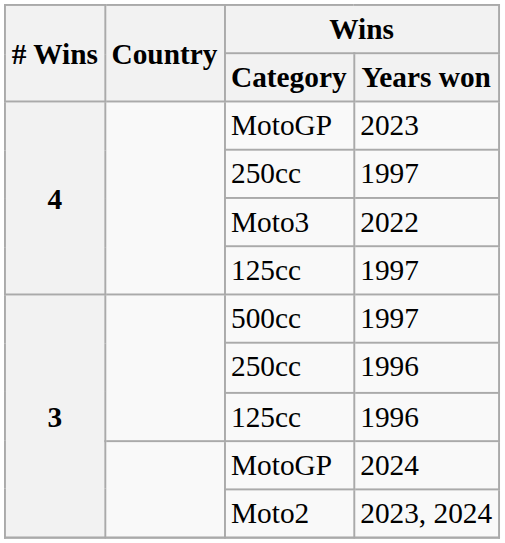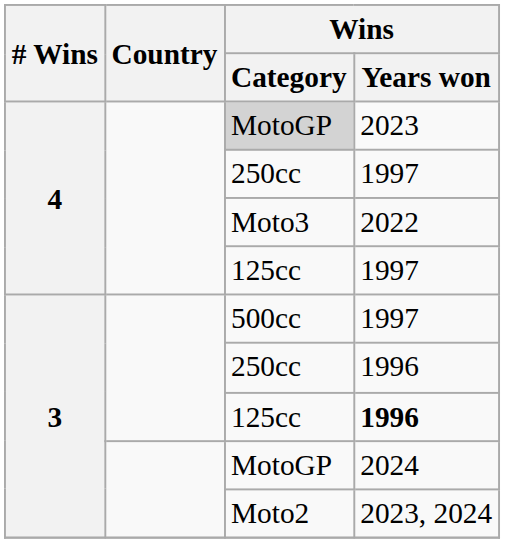 <table class="wikitable" style="font-size: 95%;">
 <tr>
 <th rowspan=2># Wins</th>
 <th rowspan=2>Country</th>
 <th colspan=2>Wins</th>
 </tr>
 <tr>
 <th>Category</th>
 <th>Years won</th>
 </tr>
 <tr>
 <th rowspan=4>4</th>
 <td rowspan=4></td>
-<td>MotoGP</td>
+<td style="background: lightgrey;">MotoGP</td>
 <td>2023</td>
 </tr>
 <tr>
 <td>250cc</td>
 <td>1997</td>
 </tr>
 <tr>
 <td>Moto3</td>
 <td>2022</td>
 </tr>
 <tr>
 <td>125cc</td>
 <td>1997</td>
 </tr>
 <tr>
 <th rowspan=5>3</th>
 <td rowspan=3></td>
 <td>500cc</td>
 <td>1997</td>
 </tr>
 <tr>
 <td>250cc</td>
 <td>1996</td>
 </tr>
 <tr>
 <td>125cc</td>
-<td>1996</td>
+<td><strong>1996</strong></td>
 </tr>
 <tr>
 <td rowspan=2></td>
 <td>MotoGP</td>
 <td>2024</td>
 </tr>
 <tr>
 <td>Moto2</td>
 <td>2023, 2024</td>
 </tr>
 <tr>
 </tr>
 </table>
